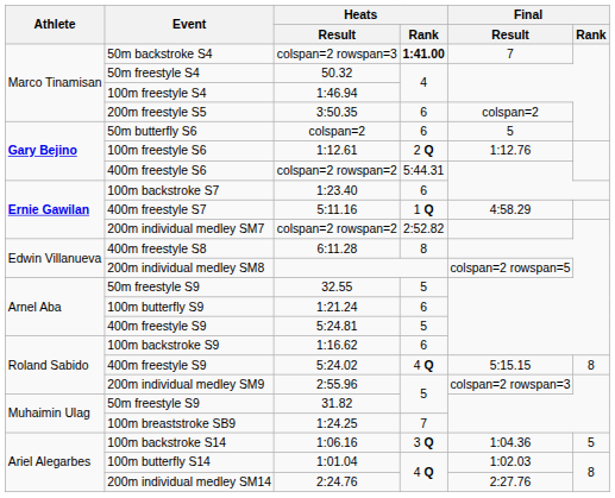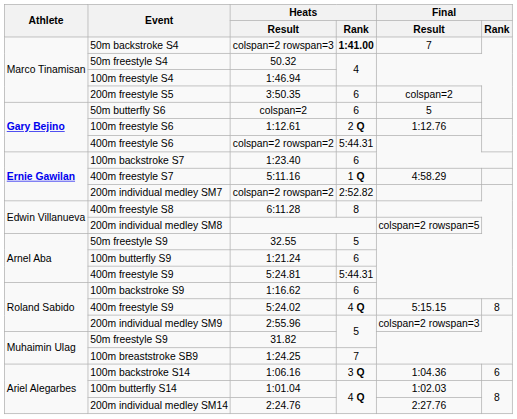 <table class=wikitable style="font-size:95%">
 <tr>
 <th rowspan=2>Athlete</th>
 <th rowspan=2>Event</th>
 <th colspan=2>Heats</th>
 <th colspan=2>Final</th>
 </tr>
 <tr>
 <th>Result</th>
 <th>Rank</th>
 <th>Result</th>
 <th>Rank</th>
 </tr>
 <tr align=center>
 <td rowspan=4 align=left>Marco Tinamisan</td>
 <td align=left>50m backstroke S4</td>
 <td>colspan=2 rowspan=3 </td>
 <td><strong>1:41.00</strong></td>
 <td>7</td>
 </tr>
 <tr align=center>
 <td align=left>50m freestyle S4</td>
 <td>50.32</td>
 <td rowspan=2>4</td>
 </tr>
 <tr align=center>
 <td align=left>100m freestyle S4</td>
 <td>1:46.94</td>
 </tr>
 <tr align=center>
 <td align=left>200m freestyle S5</td>
 <td>3:50.35</td>
 <td>6</td>
 <td>colspan=2 </td>
 </tr>
 <tr align=center>
 <td rowspan=3 align=left><strong><a href='#'>Gary Bejino</a></strong></td>
 <td align=left>50m butterfly S6</td>
 <td>colspan=2 </td>
 <td>6 </td>
 <td>5</td>
 </tr>
 <tr align=center>
 <td align=left>100m freestyle S6</td>
 <td>1:12.61</td>
 <td>2 <strong>Q</strong></td>
 <td>1:12.76</td>
 <td rowspan=2></td>
 </tr>
 <tr align=center>
 <td align=left>400m freestyle S6</td>
 <td>colspan=2 rowspan=2 </td>
 <td>5:44.31</td>
 </tr>
 <tr align=center>
 <td rowspan=3 align=left><strong><a href='#'>Ernie Gawilan</a></strong></td>
 <td align=left>100m backstroke S7</td>
 <td>1:23.40</td>
 <td>6</td>
 </tr>
 <tr align=center>
 <td align=left>400m freestyle S7</td>
 <td>5:11.16</td>
 <td>1 <strong>Q</strong></td>
 <td>4:58.29</td>
 <td></td>
 </tr>
 <tr align=center>
 <td align=left>200m individual medley SM7</td>
 <td>colspan=2 rowspan=2 </td>
 <td>2:52.82</td>
 <td></td>
 </tr>
 <tr align=center>
 <td rowspan=2 align=left>Edwin Villanueva</td>
 <td align=left>400m freestyle S8</td>
 <td>6:11.28</td>
 <td>8</td>
 </tr>
 <tr align=center>
 <td align=left>200m individual medley SM8</td>
 <td colspan=2></td>
 <td>colspan=2 rowspan=5 </td>
 </tr>
 <tr align=center>
 <td rowspan=3 align=left>Arnel Aba</td>
 <td align=left>50m freestyle S9</td>
 <td>32.55</td>
 <td>5</td>
 </tr>
 <tr align=center>
 <td align=left>100m butterfly S9</td>
 <td>1:21.24</td>
 <td>6</td>
 </tr>
 <tr align=center>
 <td align=left>400m freestyle S9</td>
 <td>5:24.81</td>
-<td>5 </td>
+<td>5:44.31</td>
 </tr>
 <tr align=center>
 <td rowspan=3 align=left>Roland Sabido</td>
 <td align=left>100m backstroke S9</td>
 <td>1:16.62</td>
 <td>6 </td>
 </tr>
 <tr align=center>
 <td align=left>400m freestyle S9</td>
 <td>5:24.02</td>
 <td>4 <strong>Q</strong></td>
 <td>5:15.15</td>
 <td>8</td>
 </tr>
 <tr align=center>
 <td align=left>200m individual medley SM9</td>
 <td>2:55.96</td>
 <td rowspan=2>5</td>
 <td>colspan=2 rowspan=3 </td>
 </tr>
 <tr align=center>
 <td rowspan=2 align=left>Muhaimin Ulag</td>
 <td align=left>50m freestyle S9</td>
 <td>31.82</td>
 </tr>
 <tr align=center>
 <td align=left>100m breaststroke SB9</td>
 <td>1:24.25</td>
 <td>7</td>
 </tr>
 <tr align=center>
 <td rowspan=3 align=left>Ariel Alegarbes</td>
 <td align=left>100m backstroke S14</td>
 <td>1:06.16</td>
 <td>3 <strong>Q</strong></td>
 <td>1:04.36</td>
-<td>5</td>
+<td>6</td>
 </tr>
 <tr align=center>
 <td align=left>100m butterfly S14</td>
 <td>1:01.04</td>
 <td rowspan=2>4 <strong>Q</strong></td>
 <td>1:02.03</td>
 <td rowspan=2>8</td>
 </tr>
 <tr align=center>
 <td align=left>200m individual medley SM14</td>
 <td>2:24.76</td>
 <td>2:27.76</td>
 </tr>
 </table>
